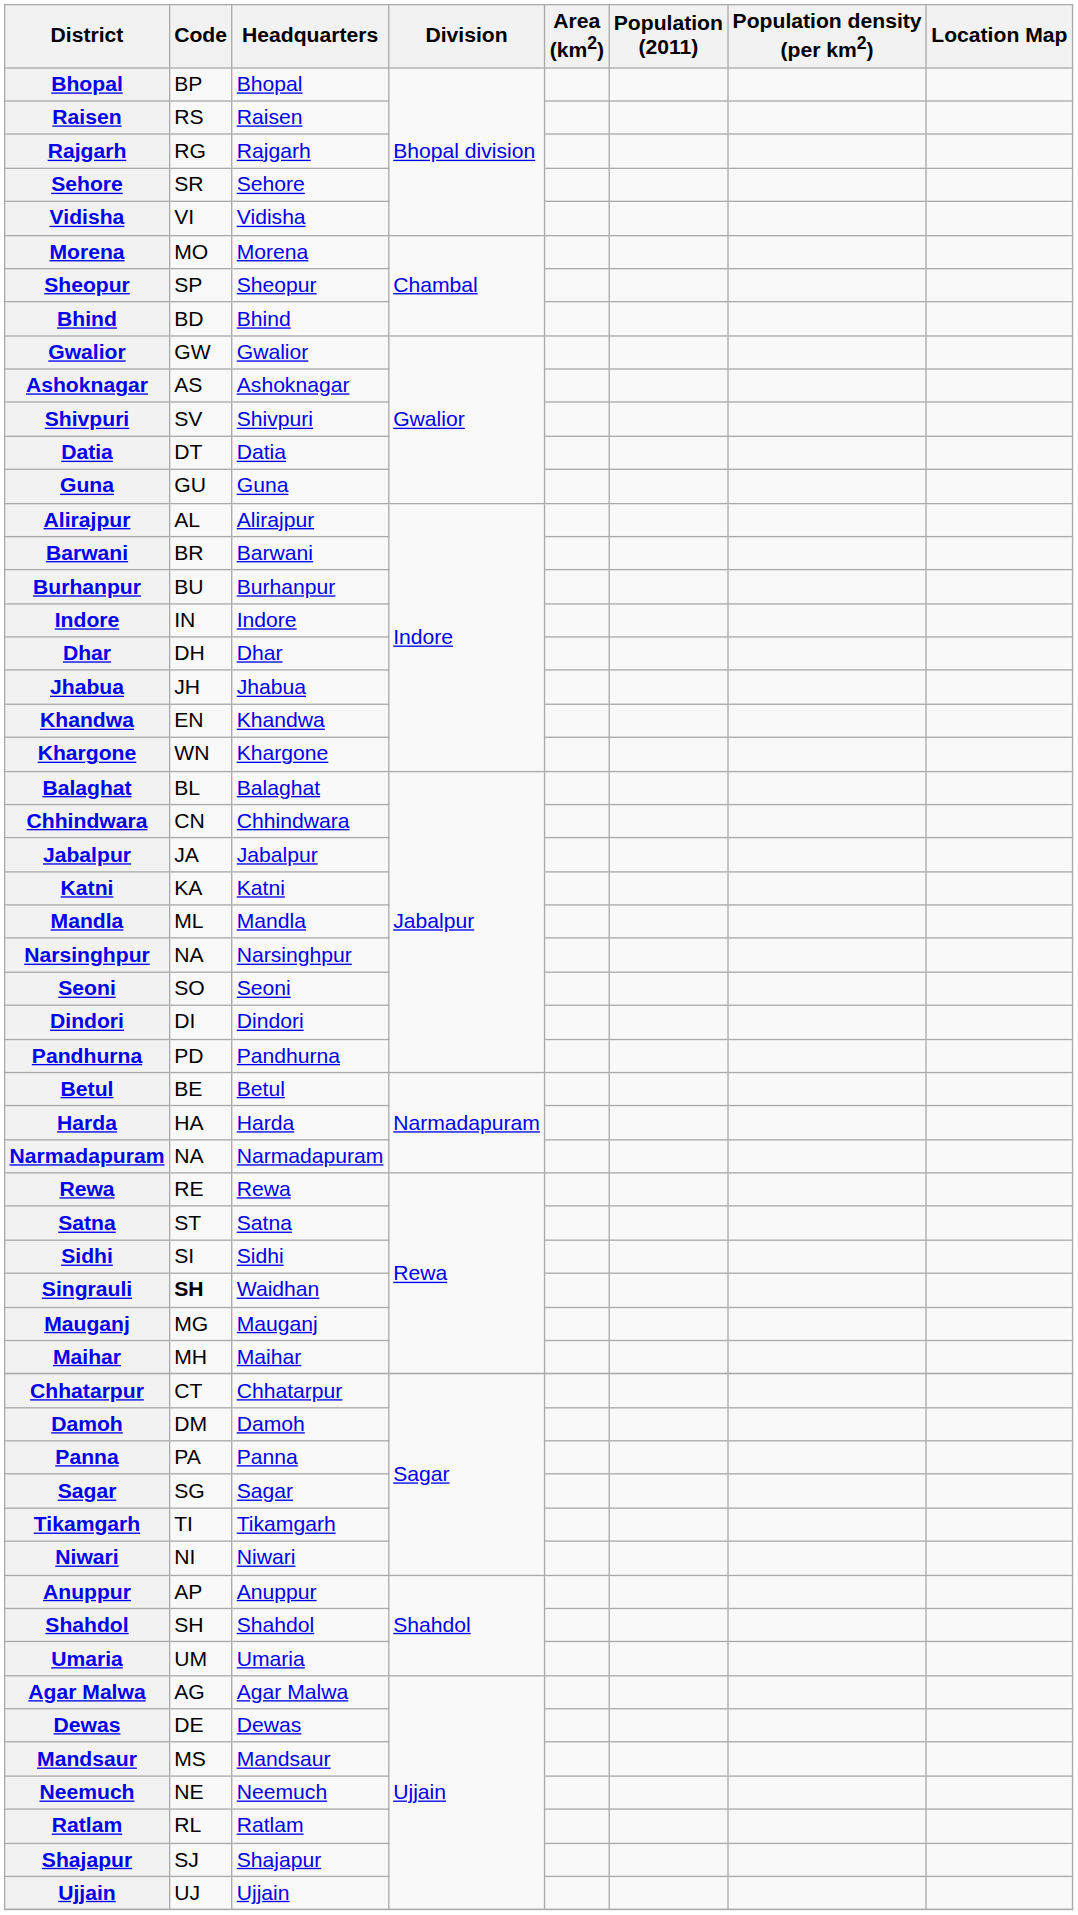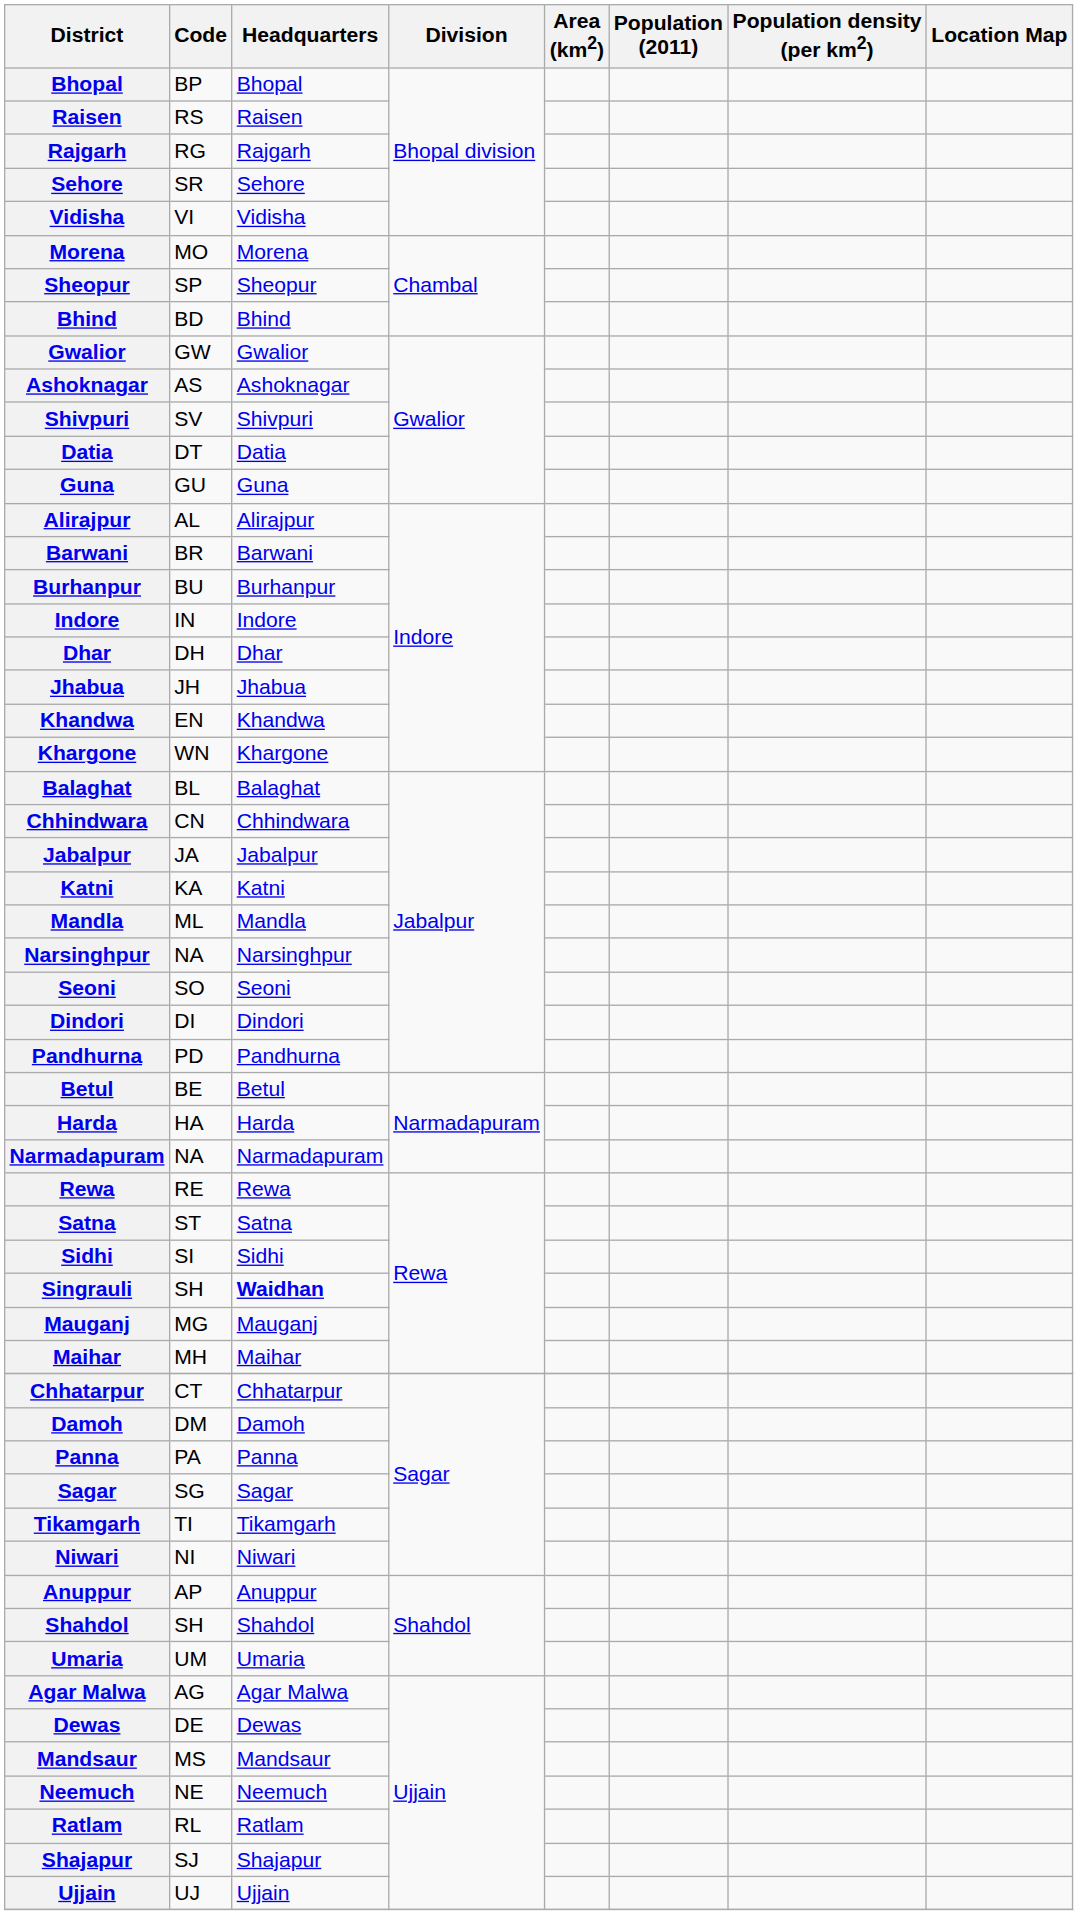 <table class="wikitable sortable">
 <tr>
 <th>District</th>
 <th>Code</th>
 <th>Headquarters</th>
 <th>Division</th>
 <th>Area<br>(km<sup>2</sup>)</th>
 <th>Population<br>(2011)</th>
 <th>Population density<br>(per km<sup>2</sup>)</th>
 <th class="unsortable">Location Map</th>
 </tr>
 <tr>
 <th><a href='#'>Bhopal</a></th>
 <td>BP</td>
 <td><a href='#'>Bhopal</a></td>
 <td rowspan="5"><a href='#'>Bhopal division</a></td>
 <td></td>
 <td></td>
 <td></td>
 <td></td>
 </tr>
 <tr>
 <th><a href='#'>Raisen</a></th>
 <td>RS</td>
 <td><a href='#'>Raisen</a></td>
 <td></td>
 <td></td>
 <td></td>
 <td></td>
 </tr>
 <tr>
 <th><a href='#'>Rajgarh</a></th>
 <td>RG</td>
 <td><a href='#'>Rajgarh</a></td>
 <td></td>
 <td></td>
 <td></td>
 <td></td>
 </tr>
 <tr>
 <th><a href='#'>Sehore</a></th>
 <td>SR</td>
 <td><a href='#'>Sehore</a></td>
 <td></td>
 <td></td>
 <td></td>
 <td></td>
 </tr>
 <tr>
 <th><a href='#'>Vidisha</a></th>
 <td>VI</td>
 <td><a href='#'>Vidisha</a></td>
 <td></td>
 <td></td>
 <td></td>
 <td></td>
 </tr>
 <tr>
 <th><a href='#'>Morena</a></th>
 <td>MO</td>
 <td><a href='#'>Morena</a></td>
 <td rowspan="3"><a href='#'>Chambal</a></td>
 <td></td>
 <td></td>
 <td></td>
 <td></td>
 </tr>
 <tr>
 <th><a href='#'>Sheopur</a></th>
 <td>SP</td>
 <td><a href='#'>Sheopur</a></td>
 <td></td>
 <td></td>
 <td></td>
 <td></td>
 </tr>
 <tr>
 <th><a href='#'>Bhind</a></th>
 <td>BD</td>
 <td><a href='#'>Bhind</a></td>
 <td></td>
 <td></td>
 <td></td>
 <td></td>
 </tr>
 <tr>
 <th><a href='#'>Gwalior</a></th>
 <td>GW</td>
 <td><a href='#'>Gwalior</a></td>
 <td rowspan="5"><a href='#'>Gwalior</a></td>
 <td></td>
 <td></td>
 <td></td>
 <td></td>
 </tr>
 <tr>
 <th><a href='#'>Ashoknagar</a></th>
 <td>AS</td>
 <td><a href='#'>Ashoknagar</a></td>
 <td></td>
 <td></td>
 <td></td>
 <td></td>
 </tr>
 <tr>
 <th><a href='#'>Shivpuri</a></th>
 <td>SV</td>
 <td><a href='#'>Shivpuri</a></td>
 <td></td>
 <td></td>
 <td></td>
 <td></td>
 </tr>
 <tr>
 <th><a href='#'>Datia</a></th>
 <td>DT</td>
 <td><a href='#'>Datia</a></td>
 <td></td>
 <td></td>
 <td></td>
 <td></td>
 </tr>
 <tr>
 <th><a href='#'>Guna</a></th>
 <td>GU</td>
 <td><a href='#'>Guna</a></td>
 <td></td>
 <td></td>
 <td></td>
 <td></td>
 </tr>
 <tr>
 <th><a href='#'>Alirajpur</a></th>
 <td>AL</td>
 <td><a href='#'>Alirajpur</a></td>
 <td rowspan="8"><a href='#'>Indore</a></td>
 <td></td>
 <td></td>
 <td></td>
 <td></td>
 </tr>
 <tr>
 <th><a href='#'>Barwani</a></th>
 <td>BR</td>
 <td><a href='#'>Barwani</a></td>
 <td></td>
 <td></td>
 <td></td>
 <td></td>
 </tr>
 <tr>
 <th><a href='#'>Burhanpur</a></th>
 <td>BU</td>
 <td><a href='#'>Burhanpur</a></td>
 <td></td>
 <td></td>
 <td></td>
 <td></td>
 </tr>
 <tr>
 <th><a href='#'>Indore</a></th>
 <td>IN</td>
 <td><a href='#'>Indore</a></td>
 <td></td>
 <td></td>
 <td></td>
 <td></td>
 </tr>
 <tr>
 <th><a href='#'>Dhar</a></th>
 <td>DH</td>
 <td><a href='#'>Dhar</a></td>
 <td></td>
 <td></td>
 <td></td>
 <td></td>
 </tr>
 <tr>
 <th><a href='#'>Jhabua</a></th>
 <td>JH</td>
 <td><a href='#'>Jhabua</a></td>
 <td></td>
 <td></td>
 <td></td>
 <td></td>
 </tr>
 <tr>
 <th><a href='#'>Khandwa</a></th>
 <td>EN</td>
 <td><a href='#'>Khandwa</a></td>
 <td></td>
 <td></td>
 <td></td>
 <td></td>
 </tr>
 <tr>
 <th><a href='#'>Khargone</a></th>
 <td>WN</td>
 <td><a href='#'>Khargone</a></td>
 <td></td>
 <td></td>
 <td></td>
 <td></td>
 </tr>
 <tr>
 <th><a href='#'>Balaghat</a></th>
 <td>BL</td>
 <td><a href='#'>Balaghat</a></td>
 <td rowspan="9"><a href='#'>Jabalpur</a></td>
 <td></td>
 <td></td>
 <td></td>
 <td></td>
 </tr>
 <tr>
 <th><a href='#'>Chhindwara</a></th>
 <td>CN</td>
 <td><a href='#'>Chhindwara</a></td>
 <td></td>
 <td></td>
 <td></td>
 <td></td>
 </tr>
 <tr>
 <th><a href='#'>Jabalpur</a></th>
 <td>JA</td>
 <td><a href='#'>Jabalpur</a></td>
 <td></td>
 <td></td>
 <td></td>
 <td></td>
 </tr>
 <tr>
 <th><a href='#'>Katni</a></th>
 <td>KA</td>
 <td><a href='#'>Katni</a></td>
 <td></td>
 <td></td>
 <td></td>
 <td></td>
 </tr>
 <tr>
 <th><a href='#'>Mandla</a></th>
 <td>ML</td>
 <td><a href='#'>Mandla</a></td>
 <td></td>
 <td></td>
 <td></td>
 <td></td>
 </tr>
 <tr>
 <th><a href='#'>Narsinghpur</a></th>
 <td>NA</td>
 <td><a href='#'>Narsinghpur</a></td>
 <td></td>
 <td></td>
 <td></td>
 <td></td>
 </tr>
 <tr>
 <th><a href='#'>Seoni</a></th>
 <td>SO</td>
 <td><a href='#'>Seoni</a></td>
 <td></td>
 <td></td>
 <td></td>
 <td></td>
 </tr>
 <tr>
 <th><a href='#'>Dindori</a></th>
 <td>DI</td>
 <td><a href='#'>Dindori</a></td>
 <td></td>
 <td></td>
 <td></td>
 <td></td>
 </tr>
 <tr>
 <th><a href='#'>Pandhurna</a></th>
 <td>PD</td>
 <td><a href='#'>Pandhurna</a></td>
 <td></td>
 <td></td>
 <td></td>
 <td></td>
 </tr>
 <tr>
 <th><a href='#'>Betul</a></th>
 <td>BE</td>
 <td><a href='#'>Betul</a></td>
 <td rowspan="3"><a href='#'>Narmadapuram</a></td>
 <td></td>
 <td></td>
 <td></td>
 <td></td>
 </tr>
 <tr>
 <th><a href='#'>Harda</a></th>
 <td>HA</td>
 <td><a href='#'>Harda</a></td>
 <td></td>
 <td></td>
 <td></td>
 <td></td>
 </tr>
 <tr>
 <th><a href='#'>Narmadapuram</a></th>
 <td>NA</td>
 <td><a href='#'>Narmadapuram</a></td>
 <td></td>
 <td></td>
 <td></td>
 <td></td>
 </tr>
 <tr>
 <th><a href='#'>Rewa</a></th>
 <td>RE</td>
 <td><a href='#'>Rewa</a></td>
 <td rowspan="6"><a href='#'>Rewa</a></td>
 <td></td>
 <td></td>
 <td></td>
 <td></td>
 </tr>
 <tr>
 <th><a href='#'>Satna</a></th>
 <td>ST</td>
 <td><a href='#'>Satna</a></td>
 <td></td>
 <td></td>
 <td></td>
 <td></td>
 </tr>
 <tr>
 <th><a href='#'>Sidhi</a></th>
 <td>SI</td>
 <td><a href='#'>Sidhi</a></td>
 <td></td>
 <td></td>
 <td></td>
 <td></td>
 </tr>
 <tr>
 <th><a href='#'>Singrauli</a></th>
-<td><strong>SH</strong></td>
-<td><a href='#'>Waidhan</a></td>
+<td>SH</td>
+<td><strong><a href='#'>Waidhan</a></strong></td>
 <td></td>
 <td></td>
 <td></td>
 <td></td>
 </tr>
 <tr>
 <th><a href='#'>Mauganj</a></th>
 <td>MG</td>
 <td><a href='#'>Mauganj</a></td>
 <td></td>
 <td></td>
 <td></td>
 <td></td>
 </tr>
 <tr>
 <th><a href='#'>Maihar</a></th>
 <td>MH</td>
 <td><a href='#'>Maihar</a></td>
 <td></td>
 <td></td>
 <td></td>
 <td></td>
 </tr>
 <tr>
 </tr>
 <tr>
 <th><a href='#'>Chhatarpur</a></th>
 <td>CT</td>
 <td><a href='#'>Chhatarpur</a></td>
 <td rowspan="6"><a href='#'>Sagar</a></td>
 <td></td>
 <td></td>
 <td></td>
 <td></td>
 </tr>
 <tr>
 <th><a href='#'>Damoh</a></th>
 <td>DM</td>
 <td><a href='#'>Damoh</a></td>
 <td></td>
 <td></td>
 <td></td>
 <td></td>
 </tr>
 <tr>
 <th><a href='#'>Panna</a></th>
 <td>PA</td>
 <td><a href='#'>Panna</a></td>
 <td></td>
 <td></td>
 <td></td>
 <td></td>
 </tr>
 <tr>
 <th><a href='#'>Sagar</a></th>
 <td>SG</td>
 <td><a href='#'>Sagar</a></td>
 <td></td>
 <td></td>
 <td></td>
 <td></td>
 </tr>
 <tr>
 <th><a href='#'>Tikamgarh</a></th>
 <td>TI</td>
 <td><a href='#'>Tikamgarh</a></td>
 <td></td>
 <td></td>
 <td></td>
 <td></td>
 </tr>
 <tr>
 <th><a href='#'>Niwari</a></th>
 <td>NI</td>
 <td><a href='#'>Niwari</a></td>
 <td></td>
 <td></td>
 <td></td>
 <td></td>
 </tr>
 <tr>
 <th><a href='#'>Anuppur</a></th>
 <td>AP</td>
 <td><a href='#'>Anuppur</a></td>
 <td rowspan="3"><a href='#'>Shahdol</a></td>
 <td></td>
 <td></td>
 <td></td>
 <td></td>
 </tr>
 <tr>
 <th><a href='#'>Shahdol</a></th>
 <td>SH</td>
 <td><a href='#'>Shahdol</a></td>
 <td></td>
 <td></td>
 <td></td>
 <td></td>
 </tr>
 <tr>
 <th><a href='#'>Umaria</a></th>
 <td>UM</td>
 <td><a href='#'>Umaria</a></td>
 <td></td>
 <td></td>
 <td></td>
 <td></td>
 </tr>
 <tr>
 <th><a href='#'>Agar Malwa</a></th>
 <td>AG</td>
 <td><a href='#'>Agar Malwa</a></td>
 <td rowspan="7"><a href='#'>Ujjain</a></td>
 <td></td>
 <td></td>
 <td></td>
 <td></td>
 </tr>
 <tr>
 <th><a href='#'>Dewas</a></th>
 <td>DE</td>
 <td><a href='#'>Dewas</a></td>
 <td></td>
 <td></td>
 <td></td>
 <td></td>
 </tr>
 <tr>
 <th><a href='#'>Mandsaur</a></th>
 <td>MS</td>
 <td><a href='#'>Mandsaur</a></td>
 <td></td>
 <td></td>
 <td></td>
 <td></td>
 </tr>
 <tr>
 <th><a href='#'>Neemuch</a></th>
 <td>NE</td>
 <td><a href='#'>Neemuch</a></td>
 <td></td>
 <td></td>
 <td></td>
 <td></td>
 </tr>
 <tr>
 <th><a href='#'>Ratlam</a></th>
 <td>RL</td>
 <td><a href='#'>Ratlam</a></td>
 <td></td>
 <td></td>
 <td></td>
 <td></td>
 </tr>
 <tr>
 <th><a href='#'>Shajapur</a></th>
 <td>SJ</td>
 <td><a href='#'>Shajapur</a></td>
 <td></td>
 <td></td>
 <td></td>
 <td></td>
 </tr>
 <tr>
 <th><a href='#'>Ujjain</a></th>
 <td>UJ</td>
 <td><a href='#'>Ujjain</a></td>
 <td></td>
 <td></td>
 <td></td>
 <td></td>
 </tr>
 <tr>
 </tr>
 </table>
